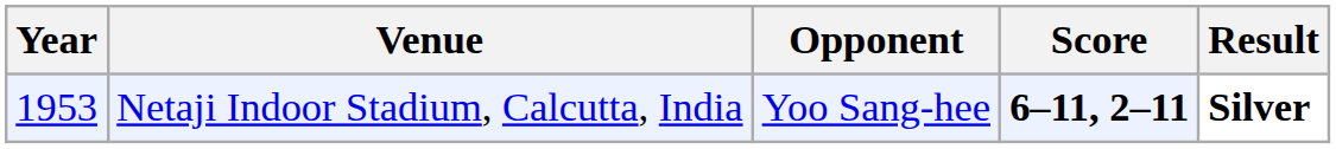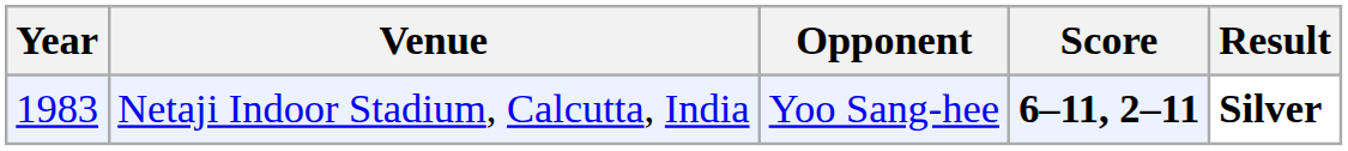 <table class="sortable wikitable" style="font-size: 90%;">
 <tr>
 <th>Year</th>
 <th>Venue</th>
 <th>Opponent</th>
 <th>Score</th>
 <th>Result</th>
 </tr>
 <tr style="background:#ECF2FF">
-<td align="center"><a href='#'>1953</a></td>
+<td align="center"><a href='#'>1983</a></td>
 <td align="left"><a href='#'>Netaji Indoor Stadium</a>, <a href='#'>Calcutta</a>, <a href='#'>India</a></td>
 <td align="left"> <a href='#'>Yoo Sang-hee</a></td>
 <td align="left"><strong>6–11, 2–11</strong></td>
 <td style="text-align:left; background: white"> <strong>Silver</strong></td>
 </tr>
 </table>
